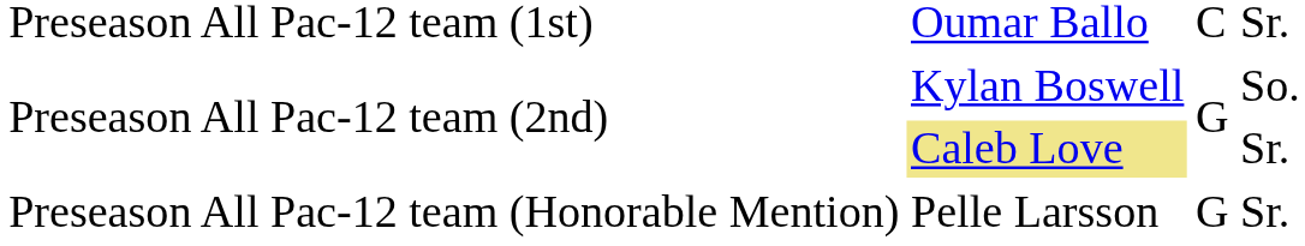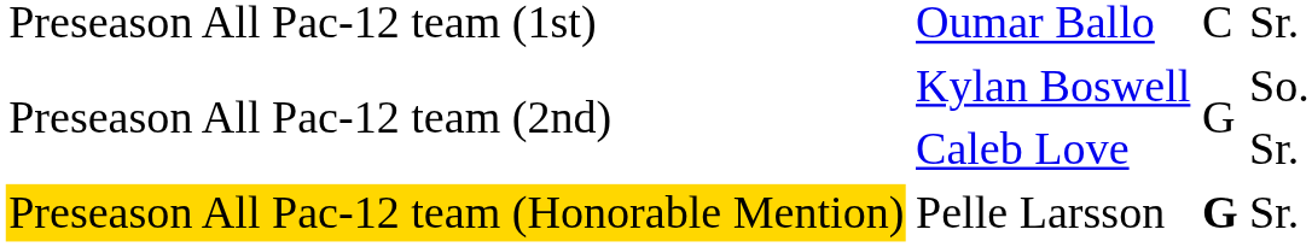 <table class="wiki table">
 <tr>
 <td>Preseason All Pac-12 team (1st)</td>
 <td><a href='#'>Oumar Ballo</a></td>
 <td>C</td>
 <td> Sr.</td>
 </tr>
 <tr>
 <td rowspan=2>Preseason All Pac-12 team (2nd)</td>
 <td><a href='#'>Kylan Boswell</a></td>
 <td rowspan=2>G</td>
 <td>So.</td>
 </tr>
 <tr>
-<td style="background: khaki;"><a href='#'>Caleb Love</a></td>
+<td><a href='#'>Caleb Love</a></td>
 <td>Sr.</td>
 </tr>
 <tr>
-<td>Preseason All Pac-12 team (Honorable Mention)</td>
+<td style="background: gold;">Preseason All Pac-12 team (Honorable Mention)</td>
 <td>Pelle Larsson</td>
-<td>G</td>
+<td><strong>G</strong></td>
 <td>Sr.</td>
 </tr>
 <tr>
 </tr>
 </table>
